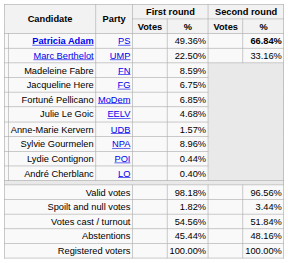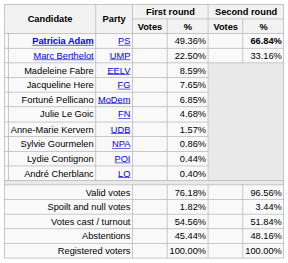 <table class="wikitable" style="text-align:right;font-size:95%;">
 <tr>
 <th rowspan=2 colspan=2>Candidate</th>
 <th rowspan=2 colspan=1>Party</th>
 <th colspan=2>First round</th>
 <th colspan=2>Second round</th>
 </tr>
 <tr>
 <th style="width:50px;">Votes</th>
 <th style="width:55px;">%</th>
 <th style="width:50px;">Votes</th>
 <th style="width:55px;">%</th>
 </tr>
 <tr>
 <td style="color:inherit;background-color:"></td>
 <td><strong><a href='#'>Patricia Adam</a></strong></td>
 <td><a href='#'>PS</a></td>
 <td></td>
 <td>49.36%</td>
 <td><strong></strong></td>
 <td><strong>66.84%</strong></td>
 </tr>
 <tr>
 <td style="color:inherit;background-color:"></td>
 <td><a href='#'>Marc Berthelot</a></td>
 <td><a href='#'>UMP</a></td>
 <td></td>
 <td>22.50%</td>
 <td></td>
 <td>33.16%</td>
 </tr>
 <tr>
 <td style="color:inherit;background-color:"></td>
 <td>Madeleine Fabre</td>
-<td><a href='#'>FN</a></td>
+<td><a href='#'>EELV</a></td>
 <td></td>
 <td>8.59%</td>
 <td colspan=7 rowspan=8 style="background-color:#E9E9E9;"></td>
 </tr>
 <tr>
 <td style="color:inherit;background-color:"></td>
 <td>Jacqueline Here</td>
 <td><a href='#'>FG</a></td>
 <td></td>
-<td>6.75%</td>
+<td>7.65%</td>
 </tr>
 <tr>
 <td style="color:inherit;background-color:"></td>
 <td>Fortuné Pellicano</td>
 <td><a href='#'>MoDem</a></td>
 <td></td>
 <td>6.85%</td>
 </tr>
 <tr>
 <td style="color:inherit;background-color:"></td>
 <td>Julie Le Goic</td>
-<td><a href='#'>EELV</a></td>
+<td><a href='#'>FN</a></td>
 <td></td>
 <td>4.68%</td>
 </tr>
 <tr>
 <td style="color:inherit;background-color:"></td>
 <td>Anne-Marie Kervern</td>
 <td><a href='#'>UDB</a></td>
 <td></td>
 <td>1.57%</td>
 </tr>
 <tr>
 <td style="color:inherit;background-color:"></td>
 <td>Sylvie Gourmelen</td>
 <td><a href='#'>NPA</a></td>
 <td></td>
-<td>8.96%</td>
+<td>0.86%</td>
 </tr>
 <tr>
 <td style="color:inherit;background-color:"></td>
 <td>Lydie Contignon</td>
 <td><a href='#'>POI</a></td>
 <td></td>
 <td>0.44%</td>
 </tr>
 <tr>
 <td style="color:inherit;background-color:"></td>
 <td>André Cherblanc</td>
 <td><a href='#'>LO</a></td>
 <td></td>
 <td>0.40%</td>
 </tr>
 <tr>
 <td colspan=7 style="background-color:#E9E9E9;"></td>
 </tr>
 <tr>
 <td colspan=3>Valid votes</td>
 <td></td>
-<td>98.18%</td>
+<td>76.18%</td>
 <td></td>
 <td>96.56%</td>
 </tr>
 <tr>
 <td colspan=3>Spoilt and null votes</td>
 <td></td>
 <td>1.82%</td>
 <td></td>
 <td>3.44%</td>
 </tr>
 <tr>
 <td colspan=3>Votes cast / turnout</td>
 <td></td>
 <td>54.56%</td>
 <td></td>
 <td>51.84%</td>
 </tr>
 <tr>
 <td colspan=3>Abstentions</td>
 <td></td>
 <td>45.44%</td>
 <td></td>
 <td>48.16%</td>
 </tr>
 <tr>
 <td colspan=3>Registered voters</td>
 <td></td>
 <td>100.00%</td>
 <td></td>
 <td>100.00%</td>
 </tr>
 </table>
